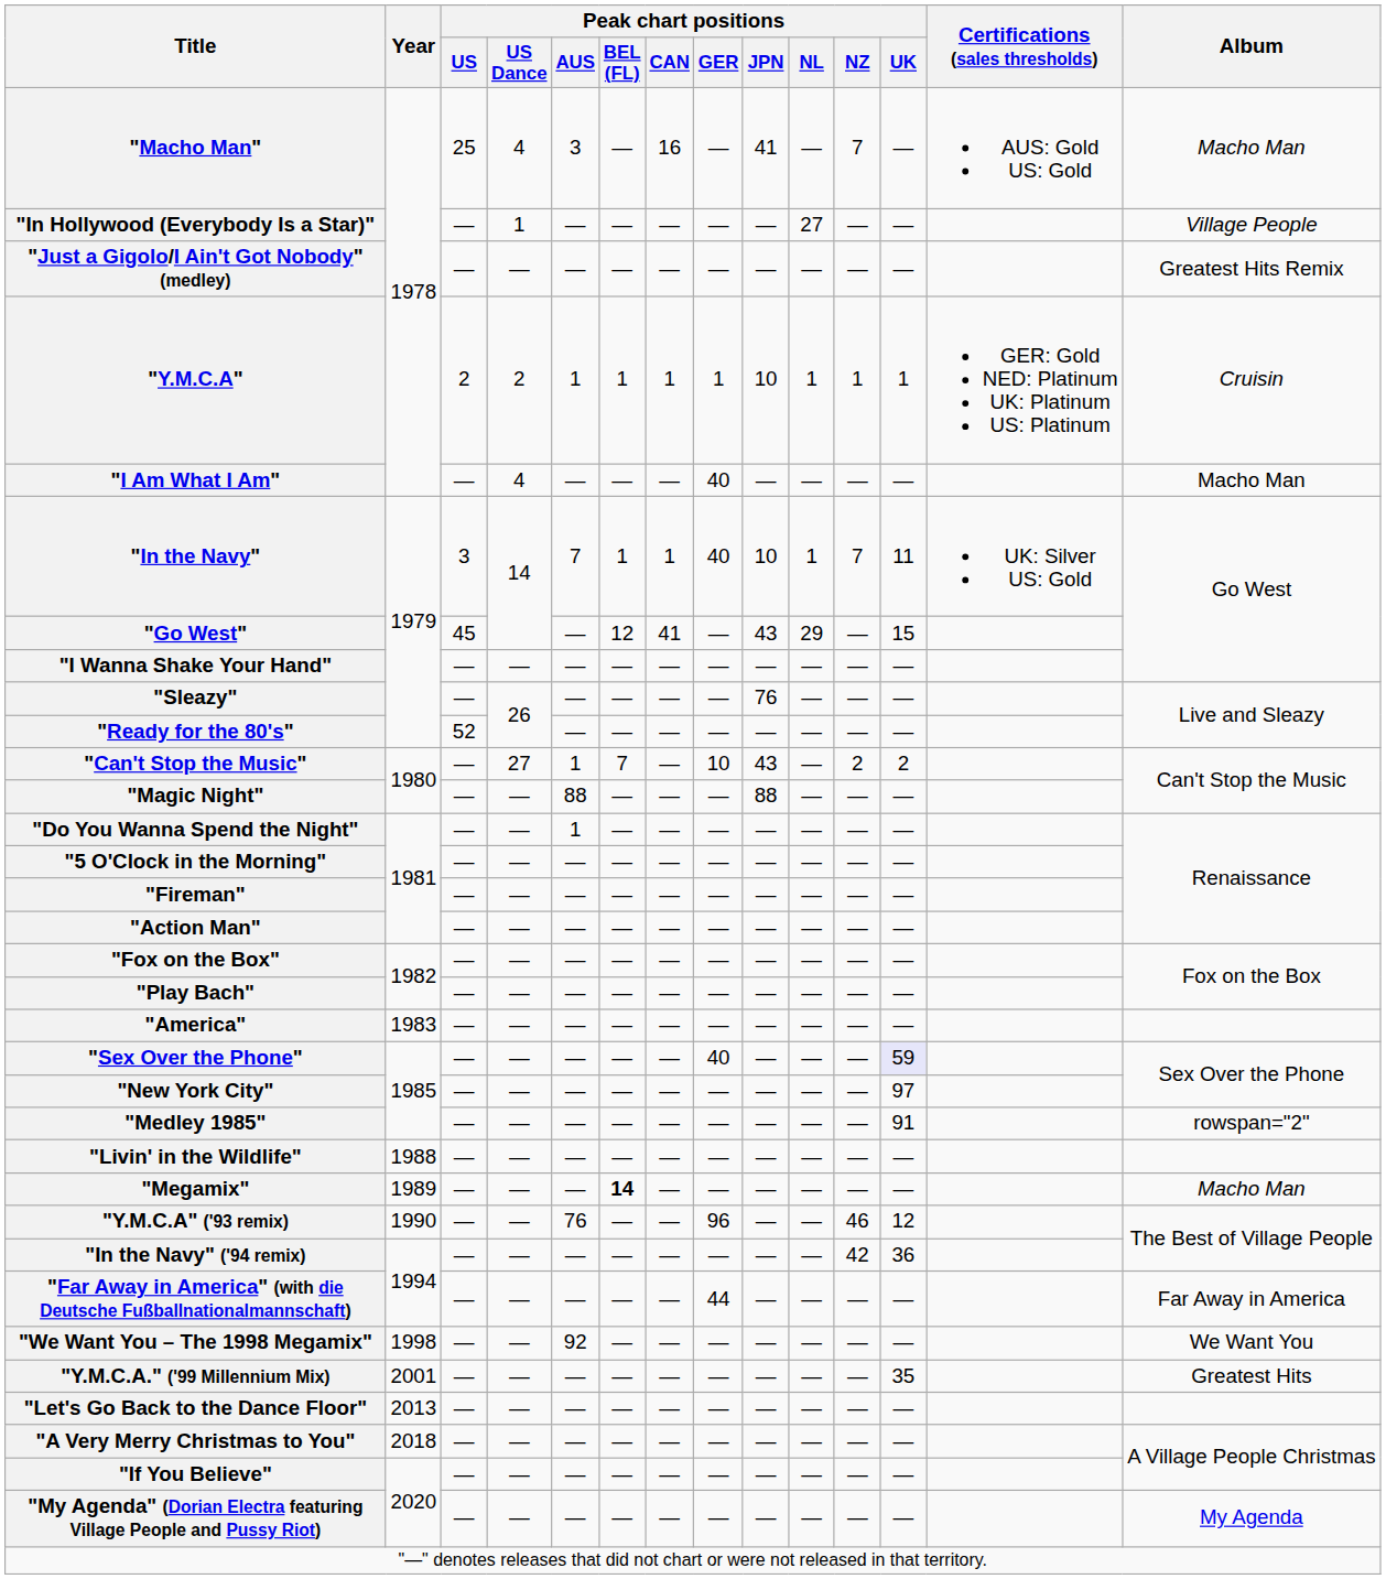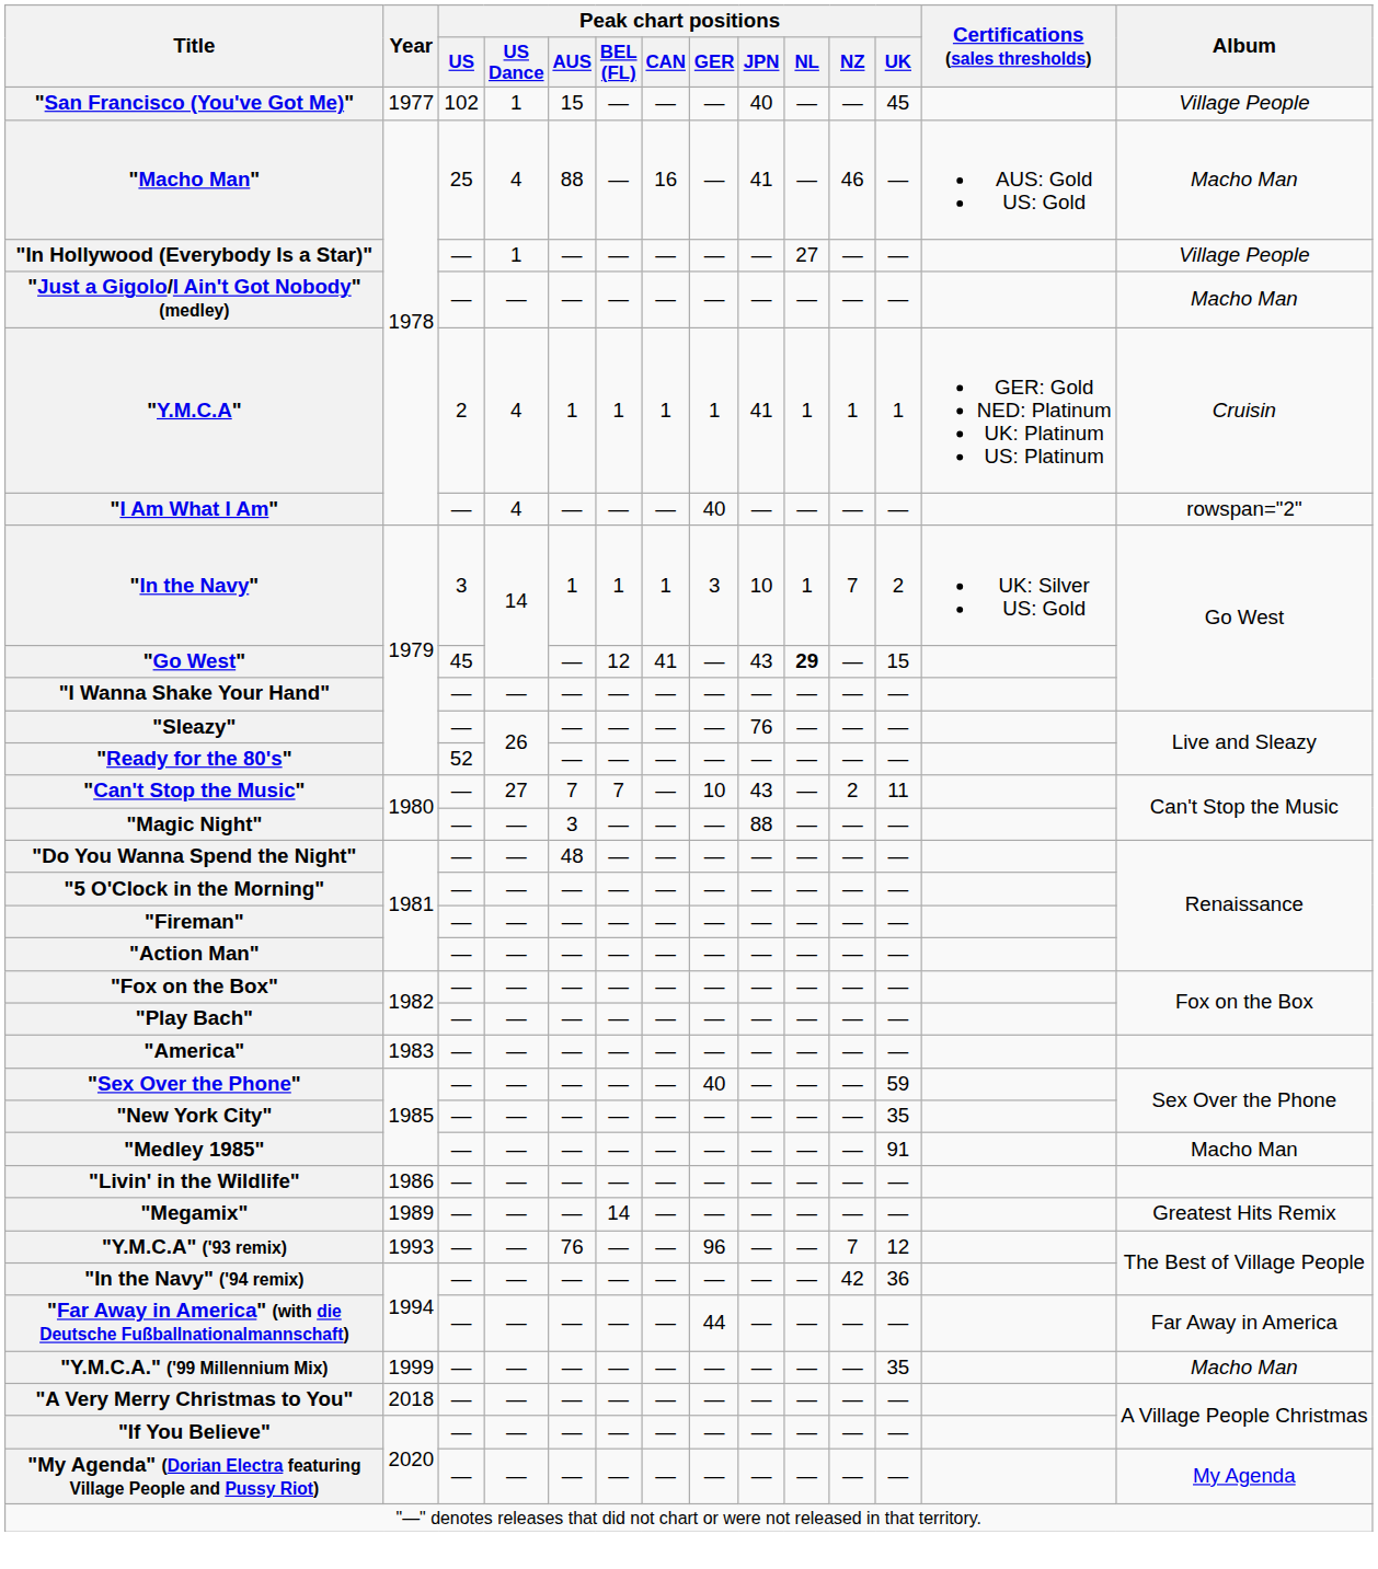 <table class="wikitable plainrowheaders" style="text-align:center;">
 <tr>
 <th scope="col" rowspan="2" style="width:18em;">Title</th>
 <th scope="col" rowspan="2" style="width:2em;">Year</th>
 <th colspan="10">Peak chart positions</th>
 <th rowspan="2"><a href='#'>Certifications</a><br><small>(<a href='#'>sales thresholds</a>)</small></th>
 <th rowspan="2">Album</th>
 </tr>
 <tr>
 <th scope="col" style="width:2em;font-size:90%;"><a href='#'>US</a><br></th>
 <th scope="col" style="width:2em;font-size:90%;"><a href='#'>US Dance</a><br></th>
 <th scope="col" style="width:2em;font-size:90%;"><a href='#'>AUS</a><br></th>
 <th scope="col" style="width:2em;font-size:90%;"><a href='#'>BEL (FL)</a><br></th>
 <th scope="col" style="width:2em;font-size:90%;"><a href='#'>CAN</a><br></th>
 <th scope="col" style="width:2em;font-size:90%;"><a href='#'>GER</a><br></th>
 <th scope="col" style="width:2em;font-size:90%;"><a href='#'>JPN</a><br></th>
 <th scope="col" style="width:2em;font-size:90%;"><a href='#'>NL</a><br></th>
 <th scope="col" style="width:2em;font-size:90%;"><a href='#'>NZ</a><br></th>
 <th scope="col" style="width:2em;font-size:90%;"><a href='#'>UK</a><br></th>
 </tr>
 <tr>
+<th scope="row">"<a href='#'>San Francisco (You've Got Me)</a>"</th>
+<td>1977</td>
+<td>102</td>
+<td>1</td>
+<td>15</td>
+<td>—</td>
+<td>—</td>
+<td>—</td>
+<td>40</td>
+<td>—</td>
+<td>—</td>
+<td>45</td>
+<td></td>
+<td><em>Village People</em></td>
+</tr>
+<tr>
 <th scope="row">"<a href='#'>Macho Man</a>"</th>
 <td rowspan="5">1978</td>
 <td>25</td>
 <td>4</td>
-<td>3</td>
+<td>88</td>
 <td>—</td>
 <td>16</td>
 <td>—</td>
 <td>41</td>
 <td>—</td>
-<td>7</td>
+<td>46</td>
 <td>—</td>
 <td><br><ul><li>AUS: Gold</li><li>US: Gold</li></ul></td>
 <td><em>Macho Man</em></td>
 </tr>
 <tr>
 <th scope="row">"In Hollywood (Everybody Is a Star)" </th>
 <td>—</td>
 <td>1</td>
 <td>—</td>
 <td>—</td>
 <td>—</td>
 <td>—</td>
 <td>—</td>
 <td>27</td>
 <td>—</td>
 <td>—</td>
 <td></td>
 <td><em>Village People</em></td>
 </tr>
 <tr>
 <th scope="row">"<a href='#'>Just a Gigolo</a>/<a href='#'>I Ain't Got Nobody</a>" <small>(medley)</small> </th>
 <td>—</td>
 <td>—</td>
 <td>—</td>
 <td>—</td>
 <td>—</td>
 <td>—</td>
 <td>—</td>
 <td>—</td>
 <td>—</td>
 <td>—</td>
 <td></td>
-<td></em>Greatest Hits Remix<em></td>
+<td><em>Macho Man</em></td>
 </tr>
 <tr>
 <th scope="row">"<a href='#'>Y.M.C.A</a>"</th>
 <td>2</td>
-<td align="center">2</td>
+<td>4</td>
 <td>1</td>
 <td>1</td>
 <td>1</td>
 <td>1</td>
-<td>10</td>
+<td>41</td>
 <td>1</td>
 <td>1</td>
 <td>1</td>
 <td><br><ul><li>GER: Gold</li><li>NED: Platinum</li><li>UK: Platinum</li><li>US: Platinum</li></ul></td>
 <td><em>Cruisin<strong></td>
 </tr>
 <tr>
 <th scope="row">"<a href='#'>I Am What I Am</a>" </th>
 <td>—</td>
 <td>4</td>
 <td>—</td>
 <td>—</td>
 <td>—</td>
 <td>40</td>
 <td>—</td>
 <td>—</td>
 <td>—</td>
 <td>—</td>
 <td></td>
-<td></em>Macho Man<em></td>
+<td>rowspan="2" </td>
 </tr>
 <tr>
 <th scope="row">"<a href='#'>In the Navy</a>"</th>
 <td rowspan="5">1979</td>
 <td>3</td>
 <td rowspan="2">14</td>
-<td>7</td>
 <td>1</td>
 <td>1</td>
-<td>40</td>
+<td>1</td>
+<td>3</td>
 <td>10</td>
 <td>1</td>
 <td>7</td>
-<td>11</td>
+<td>2</td>
 <td><br><ul><li>UK: Silver</li><li>US: Gold</li></ul></td>
 <td rowspan="3"></em>Go West<em></td>
 </tr>
 <tr>
 <th scope="row">"<a href='#'>Go West</a>"</th>
 <td>45</td>
 <td>—</td>
 <td>12</td>
 <td>41</td>
 <td>—</td>
 <td>43</td>
-<td>29</td>
+<td><strong>29</strong></td>
 <td>—</td>
 <td>15</td>
 <td></td>
 </tr>
 <tr>
 <th scope="row">"I Wanna Shake Your Hand" </th>
 <td>—</td>
 <td>—</td>
 <td>—</td>
 <td>—</td>
 <td>—</td>
 <td>—</td>
 <td>—</td>
 <td>—</td>
 <td>—</td>
 <td>—</td>
 <td></td>
 </tr>
 <tr>
 <th scope="row">"Sleazy"</th>
 <td>—</td>
 <td rowspan="2">26</td>
 <td>—</td>
 <td>—</td>
 <td>—</td>
 <td>—</td>
 <td>76</td>
 <td>—</td>
 <td>—</td>
 <td>—</td>
 <td></td>
 <td rowspan="2"></em>Live and Sleazy<em></td>
 </tr>
 <tr>
 <th scope="row">"<a href='#'>Ready for the 80's</a>"</th>
 <td>52</td>
 <td>—</td>
 <td>—</td>
 <td>—</td>
 <td>—</td>
 <td>—</td>
 <td>—</td>
 <td>—</td>
 <td>—</td>
 <td></td>
 </tr>
 <tr>
 <th scope="row">"<a href='#'>Can't Stop the Music</a>"</th>
 <td rowspan="2">1980</td>
 <td>—</td>
 <td>27</td>
-<td>1</td>
+<td>7</td>
 <td>7</td>
 <td>—</td>
 <td>10</td>
 <td>43</td>
 <td>—</td>
 <td>2</td>
-<td>2</td>
+<td>11</td>
 <td></td>
 <td rowspan="2"></em>Can't Stop the Music<em></td>
 </tr>
 <tr>
 <th scope="row">"Magic Night"</th>
 <td>—</td>
 <td>—</td>
-<td>88</td>
+<td>3</td>
 <td>—</td>
 <td>—</td>
 <td>—</td>
 <td>88</td>
 <td>—</td>
 <td>—</td>
 <td>—</td>
 <td></td>
 </tr>
 <tr>
 <th scope="row">"Do You Wanna Spend the Night"</th>
 <td rowspan="4">1981</td>
 <td>—</td>
 <td>—</td>
-<td>1</td>
+<td>48</td>
 <td>—</td>
 <td>—</td>
 <td>—</td>
 <td>—</td>
 <td>—</td>
 <td>—</td>
 <td>—</td>
 <td></td>
 <td rowspan="4"></em>Renaissance<em></td>
 </tr>
 <tr>
 <th scope="row">"5 O'Clock in the Morning"</th>
 <td>—</td>
 <td>—</td>
 <td>—</td>
 <td>—</td>
 <td>—</td>
 <td>—</td>
 <td>—</td>
 <td>—</td>
 <td>—</td>
 <td>—</td>
 <td></td>
 </tr>
 <tr>
 <th scope="row">"Fireman" </th>
 <td>—</td>
 <td>—</td>
 <td>—</td>
 <td>—</td>
 <td>—</td>
 <td>—</td>
 <td>—</td>
 <td>—</td>
 <td>—</td>
 <td>—</td>
 <td></td>
 </tr>
 <tr>
 <th scope="row">"Action Man"</th>
 <td>—</td>
 <td>—</td>
 <td>—</td>
 <td>—</td>
 <td>—</td>
 <td>—</td>
 <td>—</td>
 <td>—</td>
 <td>—</td>
 <td>—</td>
 <td></td>
 </tr>
 <tr>
 <th scope="row">"Fox on the Box"</th>
 <td rowspan="2">1982</td>
 <td>—</td>
 <td>—</td>
 <td>—</td>
 <td>—</td>
 <td>—</td>
 <td>—</td>
 <td>—</td>
 <td>—</td>
 <td>—</td>
 <td>—</td>
 <td></td>
 <td rowspan="2"></em>Fox on the Box<em></td>
 </tr>
 <tr>
 <th scope="row">"Play Bach" </th>
 <td>—</td>
 <td>—</td>
 <td>—</td>
 <td>—</td>
 <td>—</td>
 <td>—</td>
 <td>—</td>
 <td>—</td>
 <td>—</td>
 <td>—</td>
 <td></td>
 </tr>
 <tr>
 <th scope="row">"America" </th>
 <td>1983</td>
 <td>—</td>
 <td>—</td>
 <td>—</td>
 <td>—</td>
 <td>—</td>
 <td>—</td>
 <td>—</td>
 <td>—</td>
 <td>—</td>
 <td>—</td>
 <td></td>
 <td></td>
 </tr>
 <tr>
 <th scope="row">"<a href='#'>Sex Over the Phone</a>"</th>
 <td rowspan="3">1985</td>
 <td>—</td>
 <td>—</td>
 <td>—</td>
 <td>—</td>
 <td>—</td>
 <td>40</td>
 <td>—</td>
 <td>—</td>
 <td>—</td>
-<td style="background: lavender;">59</td>
+<td>59</td>
 <td></td>
 <td rowspan="2"></em>Sex Over the Phone<em></td>
 </tr>
 <tr>
 <th scope="row">"New York City"</th>
 <td>—</td>
 <td>—</td>
 <td>—</td>
 <td>—</td>
 <td>—</td>
 <td>—</td>
 <td>—</td>
 <td>—</td>
 <td>—</td>
-<td>97</td>
+<td>35</td>
 <td></td>
 </tr>
 <tr>
 <th scope="row">"Medley 1985" </th>
 <td>—</td>
 <td>—</td>
 <td>—</td>
 <td>—</td>
 <td>—</td>
 <td>—</td>
 <td>—</td>
 <td>—</td>
 <td>—</td>
 <td>91</td>
 <td></td>
-<td>rowspan="2" </td>
+<td></em>Macho Man<em></td>
 </tr>
 <tr>
 <th scope="row">"Livin' in the Wildlife" </th>
-<td>1988</td>
+<td>1986</td>
 <td>—</td>
 <td>—</td>
 <td>—</td>
 <td>—</td>
 <td>—</td>
 <td>—</td>
 <td>—</td>
 <td>—</td>
 <td>—</td>
 <td>—</td>
 <td></td>
 </tr>
 <tr>
 <th scope="row">"Megamix"</th>
 <td>1989</td>
 <td>—</td>
 <td>—</td>
 <td>—</td>
-<td><strong>14</strong></td>
+<td>14</td>
 <td>—</td>
 <td>—</td>
 <td>—</td>
 <td>—</td>
 <td>—</td>
 <td>—</td>
 <td></td>
-<td><em>Macho Man</em></td>
+<td></em>Greatest Hits Remix<em></td>
 </tr>
 <tr>
 <th scope="row">"Y.M.C.A" <small>('93 remix)</small></th>
-<td>1990</td>
+<td>1993</td>
 <td>—</td>
 <td>—</td>
 <td>76</td>
 <td>—</td>
 <td>—</td>
 <td>96</td>
 <td>—</td>
 <td>—</td>
-<td>46</td>
+<td>7</td>
 <td>12</td>
 <td></td>
 <td rowspan="2"></em>The Best of Village People<em></td>
 </tr>
 <tr>
 <th scope="row">"In the Navy" <small>('94 remix)</small></th>
 <td rowspan="2">1994</td>
 <td>—</td>
 <td>—</td>
 <td>—</td>
 <td>—</td>
 <td>—</td>
 <td>—</td>
 <td>—</td>
 <td>—</td>
 <td>42</td>
 <td>36</td>
 <td></td>
 </tr>
 <tr>
 <th scope="row">"<a href='#'>Far Away in America</a>" <small>(with <a href='#'>die Deutsche Fußballnationalmannschaft</a>)</small> </th>
 <td>—</td>
 <td>—</td>
 <td>—</td>
 <td>—</td>
 <td>—</td>
 <td>44</td>
 <td>—</td>
 <td>—</td>
 <td>—</td>
 <td>—</td>
 <td></td>
 <td></em>Far Away in America<em></td>
 </tr>
 <tr>
-<th scope="row">"We Want You – The 1998 Megamix"</th>
-<td>1998</td>
-<td>—</td>
-<td>—</td>
-<td>92</td>
-<td>—</td>
-<td>—</td>
-<td>—</td>
-<td>—</td>
-<td>—</td>
-<td>—</td>
-<td>—</td>
-<td></td>
-<td></em>We Want You<em></td>
-</tr>
-<tr>
 <th scope="row">"Y.M.C.A." <small>('99 Millennium Mix) </small></th>
-<td>2001</td>
+<td>1999</td>
 <td>—</td>
 <td>—</td>
 <td>—</td>
 <td>—</td>
 <td>—</td>
 <td>—</td>
 <td>—</td>
 <td>—</td>
 <td>—</td>
 <td>35</td>
 <td></td>
-<td></em>Greatest Hits<em></td>
-</tr>
-<tr>
-<th scope="row">"Let's Go Back to the Dance Floor"</th>
-<td>2013</td>
-<td>—</td>
-<td>—</td>
-<td>—</td>
-<td>—</td>
-<td>—</td>
-<td>—</td>
-<td>—</td>
-<td>—</td>
-<td>—</td>
-<td>—</td>
-<td></td>
-<td></td>
+<td><em>Macho Man</em></td>
 </tr>
 <tr>
 <th scope="row">"A Very Merry Christmas to You"</th>
 <td>2018</td>
 <td>—</td>
 <td>—</td>
 <td>—</td>
 <td>—</td>
 <td>—</td>
 <td>—</td>
 <td>—</td>
 <td>—</td>
 <td>—</td>
 <td>—</td>
 <td></td>
 <td rowspan="2"></em>A Village People Christmas<em></td>
 </tr>
 <tr>
 <th scope="row">"If You Believe"</th>
 <td rowspan="2">2020</td>
 <td>—</td>
 <td>—</td>
 <td>—</td>
 <td>—</td>
 <td>—</td>
 <td>—</td>
 <td>—</td>
 <td>—</td>
 <td>—</td>
 <td>—</td>
 <td></td>
 </tr>
 <tr>
 <th scope="row">"My Agenda" <small>(<a href='#'>Dorian Electra</a> featuring Village People and <a href='#'>Pussy Riot</a>)</small></th>
 <td>—</td>
 <td>—</td>
 <td>—</td>
 <td>—</td>
 <td>—</td>
 <td>—</td>
 <td>—</td>
 <td>—</td>
 <td>—</td>
 <td>—</td>
 <td></td>
 <td></em><a href='#'>My Agenda</a><em></td>
 </tr>
 <tr>
 <td colspan="14" style="font-size:85%">"—" denotes releases that did not chart or were not released in that territory.</td>
 </tr>
 </table>
